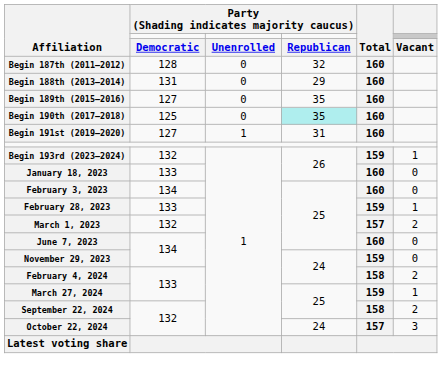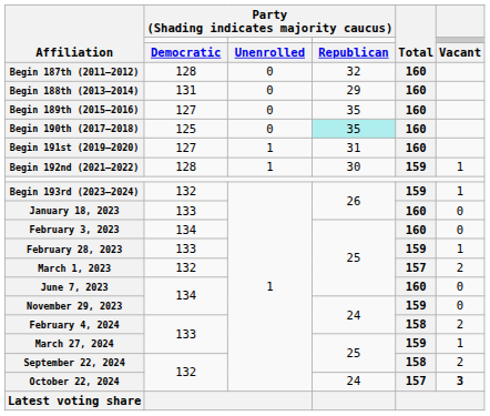 <table class=wikitable style="text-align:center">
 <tr style="vertical-align:bottom;">
 <th rowspan=3>Affiliation</th>
 <th colspan=3>Party <div>(Shading indicates majority caucus)</div></th>
 <th rowspan=3>Total</th>
 <th></th>
 </tr>
 <tr style="height:5px">
 <td style="background-color:"></td>
 <td style="background-color:"></td>
 <td style="background-color:"></td>
 <td style="background-color: #C9C9C9"></td>
 </tr>
 <tr>
 <th><a href='#'>Democratic</a></th>
 <th><a href='#'>Unenrolled</a></th>
 <th><a href='#'>Republican</a></th>
 <th>Vacant</th>
 </tr>
 <tr>
 <th nowrap style="font-size:80%">Begin 187th (2011–2012)</th>
 <td>128</td>
 <td>0</td>
 <td>32</td>
 <th>160</th>
 <td></td>
 </tr>
 <tr>
 <th nowrap style="font-size:80%">Begin 188th (2013–2014)</th>
 <td>131</td>
 <td>0</td>
 <td>29</td>
 <th>160</th>
 <td></td>
 </tr>
 <tr>
 <th nowrap style="font-size:80%">Begin 189th (2015–2016)</th>
 <td>127</td>
 <td>0</td>
 <td>35</td>
 <th>160</th>
 <td></td>
 </tr>
 <tr>
 <th nowrap style="font-size:80%">Begin 190th (2017–2018)</th>
 <td>125</td>
 <td>0</td>
 <td style="background: paleturquoise;">35</td>
 <th>160</th>
 <td></td>
 </tr>
 <tr>
 <th nowrap style="font-size:80%">Begin 191st (2019–2020)</th>
 <td>127</td>
 <td>1</td>
 <td>31</td>
 <th>160</th>
 <td></td>
+</tr>
+<tr>
+<th nowrap style="font-size:80%">Begin 192nd (2021–2022)</th>
+<td>128</td>
+<td>1</td>
+<td>30</td>
+<th>159</th>
+<td>1</td>
 </tr>
 <tr>
 <td colspan=6></td>
 </tr>
 <tr>
 <th nowrap style="font-size:80%">Begin 193rd (2023–2024)</th>
 <td>132</td>
 <td rowspan=11 >1</td>
 <td rowspan=2>26</td>
 <th>159</th>
 <td>1</td>
 </tr>
 <tr>
 <th nowrap style="font-size:80%">January 18, 2023</th>
 <td>133</td>
 <th>160</th>
 <td>0</td>
 </tr>
 <tr>
 <th nowrap style="font-size:80%">February 3, 2023</th>
 <td>134</td>
 <td rowspan=4>25</td>
 <th>160</th>
 <td>0</td>
 </tr>
 <tr>
 <th nowrap style="font-size:80%">February 28, 2023 </th>
 <td rowspan=1 >133</td>
 <th>159</th>
 <td>1</td>
 </tr>
 <tr>
 <th nowrap style="font-size:80%">March 1, 2023 </th>
 <td rowspan=1 >132</td>
 <th>157</th>
 <td>2</td>
 </tr>
 <tr>
 <th nowrap style="font-size:80%">June 7, 2023 </th>
 <td rowspan=2 >134</td>
 <th>160</th>
 <td>0</td>
 </tr>
 <tr>
 <th nowrap style="font-size:80%">November 29, 2023 </th>
 <td rowspan=2>24</td>
 <th>159</th>
 <td>0</td>
 </tr>
 <tr>
 <th nowrap style="font-size:80%">February 4, 2024 </th>
 <td rowspan=2 >133</td>
 <th>158</th>
 <td>2</td>
 </tr>
 <tr>
 <th nowrap style="font-size:80%">March 27, 2024 </th>
 <td rowspan="2">25</td>
 <th>159</th>
 <td>1</td>
 </tr>
 <tr>
 <th nowrap style="font-size:80%">September 22, 2024 </th>
 <td rowspan=2 >132</td>
 <th>158</th>
 <td>2</td>
 </tr>
 <tr>
 <th nowrap style="font-size:80%">October 22, 2024 </th>
 <td>24</td>
 <th>157</th>
-<td>3</td>
+<td><strong>3</strong></td>
 </tr>
 <tr>
 <th>Latest voting share</th>
 <th colspan=2 ></th>
 <th></th>
 <th colspan=2></th>
 </tr>
 </table>
